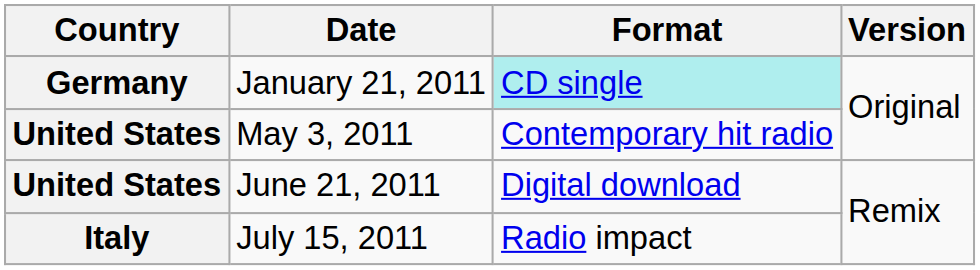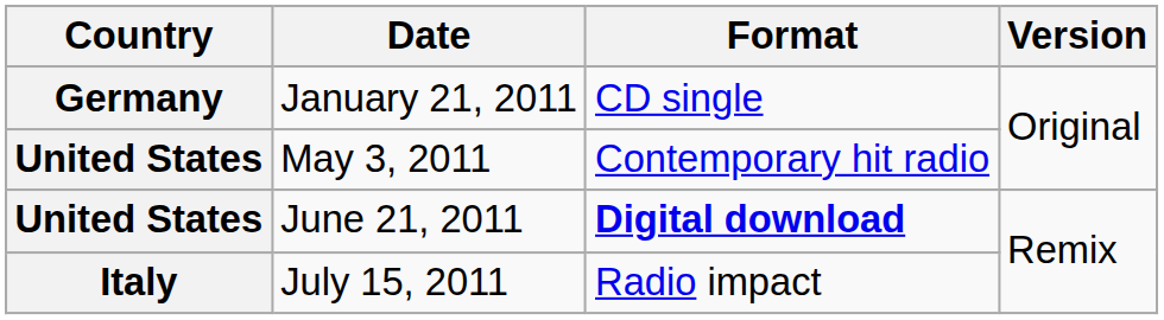 <table class="wikitable plainrowheaders">
 <tr>
 <th>Country</th>
 <th>Date</th>
 <th>Format</th>
 <th>Version</th>
 </tr>
 <tr>
 <th scope="row">Germany</th>
 <td>January 21, 2011</td>
-<td style="background: paleturquoise;"><a href='#'>CD single</a></td>
+<td><a href='#'>CD single</a></td>
 <td rowspan="2">Original</td>
 </tr>
 <tr>
 <th scope="row">United States</th>
 <td>May 3, 2011</td>
 <td><a href='#'>Contemporary hit radio</a></td>
 </tr>
 <tr>
 <th scope="row">United States</th>
 <td>June 21, 2011</td>
-<td><a href='#'>Digital download</a></td>
+<td><strong><a href='#'>Digital download</a></strong></td>
 <td rowspan="2">Remix</td>
 </tr>
 <tr>
 <th scope="row">Italy</th>
 <td>July 15, 2011</td>
 <td><a href='#'>Radio</a> impact</td>
 </tr>
 </table>
